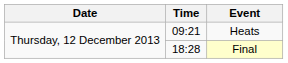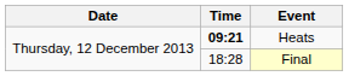 <table class = "wikitable" style="text-align:center;">
 <tr>
 <th width=220>Date</th>
 <th width=50>Time</th>
 <th width=100>Event</th>
 </tr>
 <tr>
 <td rowspan=2>Thursday, 12 December 2013</td>
-<td>09:21</td>
+<td><strong>09:21</strong></td>
 <td>Heats</td>
 </tr>
 <tr>
 <td>18:28</td>
 <td style="background:#ffc;">Final</td>
 </tr>
 </table>
